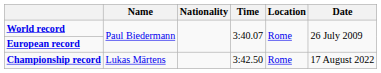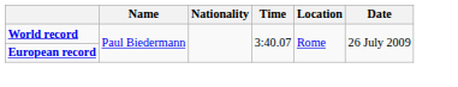 <table class=wikitable>
 <tr>
 <th></th>
 <th>Name</th>
 <th>Nationality</th>
 <th>Time</th>
 <th>Location</th>
 <th>Date</th>
 </tr>
 <tr>
 <td><strong><a href='#'>World record</a></strong></td>
 <td rowspan=2><a href='#'>Paul Biedermann</a></td>
 <td rowspan=2></td>
 <td rowspan=2>3:40.07</td>
 <td rowspan=2><a href='#'>Rome</a></td>
 <td rowspan=2>26 July 2009</td>
 </tr>
 <tr>
 <td><strong><a href='#'>European record</a></strong></td>
 </tr>
-<tr>
-<td><strong><a href='#'>Championship record</a></strong></td>
-<td><a href='#'>Lukas Märtens</a></td>
-<td></td>
-<td>3:42.50</td>
-<td><a href='#'>Rome</a></td>
-<td>17 August 2022</td>
-</tr>
 </table>
